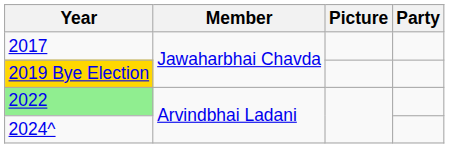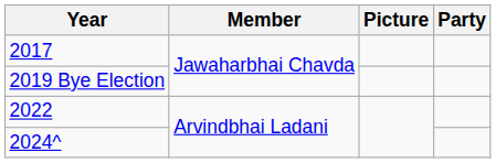 <table class="wikitable sortable">
 <tr>
 <th>Year</th>
 <th>Member</th>
 <th>Picture</th>
 <th colspan="2">Party</th>
 </tr>
 <tr>
 <td><a href='#'>2017</a></td>
 <td rowspan="2"><a href='#'>Jawaharbhai Chavda</a></td>
 <td></td>
 <td></td>
 </tr>
 <tr>
-<td style="background: gold;"><a href='#'>2019 Bye Election</a></td>
+<td><a href='#'>2019 Bye Election</a></td>
 <td></td>
 <td></td>
 </tr>
 <tr>
-<td style="background: lightgreen;"><a href='#'>2022</a></td>
+<td><a href='#'>2022</a></td>
 <td rowspan="2"><a href='#'>Arvindbhai Ladani</a></td>
 <td rowspan="2"></td>
 <td></td>
 </tr>
 <tr>
 <td><a href='#'>2024^</a></td>
 <td></td>
 </tr>
 </table>
